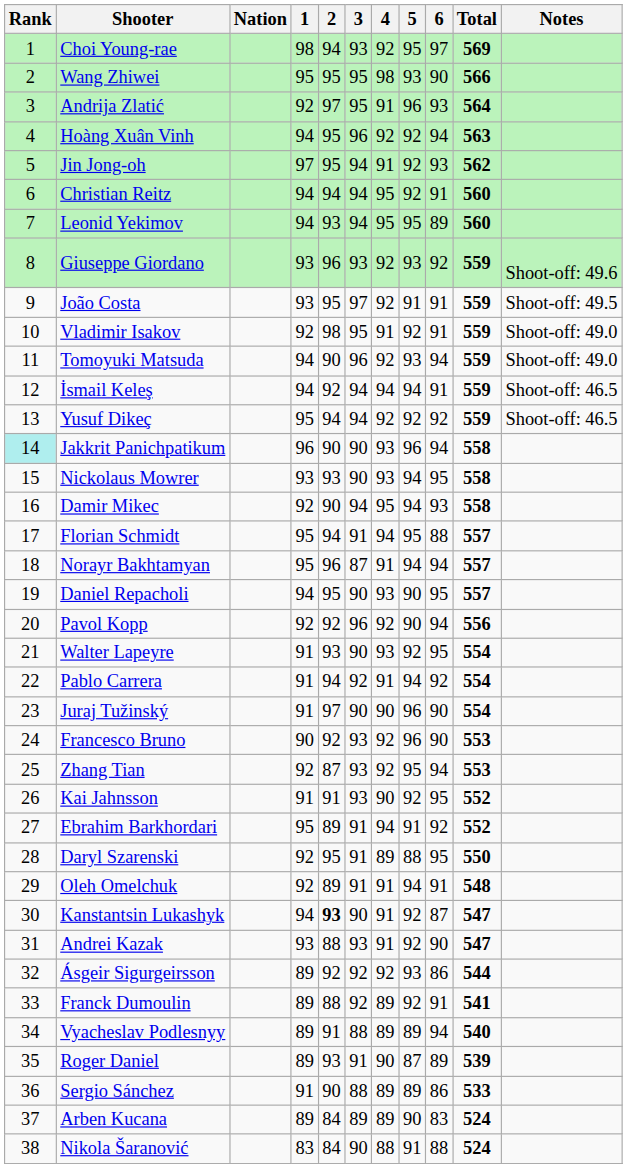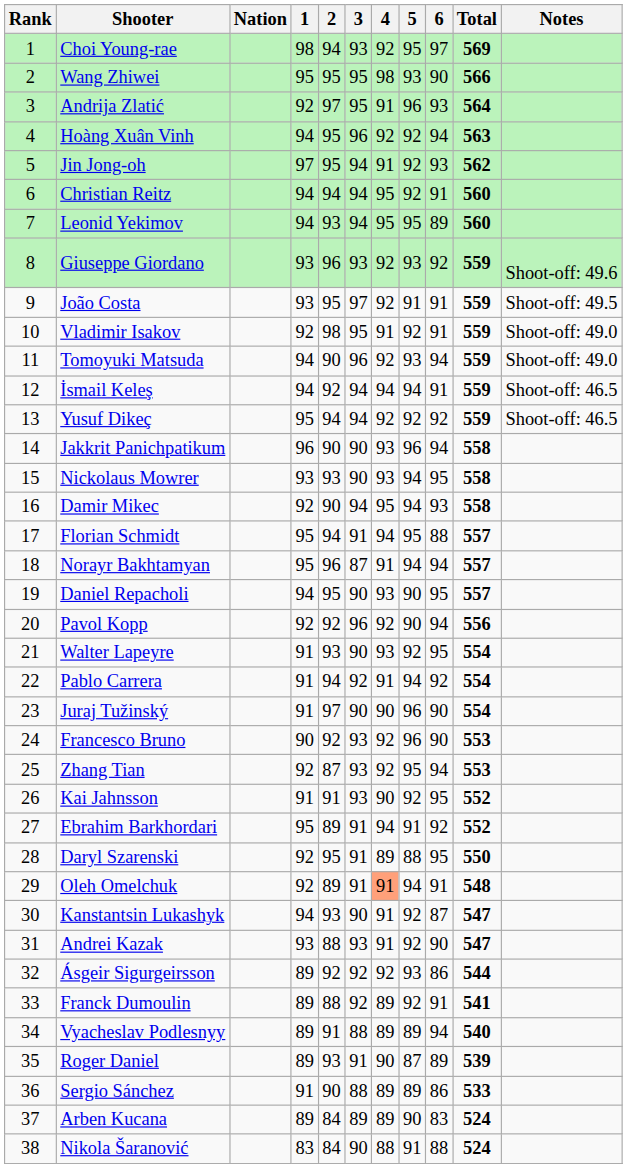 <table class="wikitable sortable" style="text-align:center">
 <tr>
 <th>Rank</th>
 <th>Shooter</th>
 <th>Nation</th>
 <th>1</th>
 <th>2</th>
 <th>3</th>
 <th>4</th>
 <th>5</th>
 <th>6</th>
 <th>Total</th>
 <th>Notes</th>
 </tr>
 <tr bgcolor=bbf3bb>
 <td>1</td>
 <td align=left><a href='#'>Choi Young-rae</a></td>
 <td align="left"></td>
 <td>98</td>
 <td>94</td>
 <td>93</td>
 <td>92</td>
 <td>95</td>
 <td>97</td>
 <td><strong>569</strong></td>
 <td></td>
 </tr>
 <tr bgcolor=bbf3bb>
 <td>2</td>
 <td align=left><a href='#'>Wang Zhiwei</a></td>
 <td align="left"></td>
 <td>95</td>
 <td>95</td>
 <td>95</td>
 <td>98</td>
 <td>93</td>
 <td>90</td>
 <td><strong>566</strong></td>
 <td></td>
 </tr>
 <tr bgcolor=bbf3bb>
 <td>3</td>
 <td align=left><a href='#'>Andrija Zlatić</a></td>
 <td align="left"></td>
 <td>92</td>
 <td>97</td>
 <td>95</td>
 <td>91</td>
 <td>96</td>
 <td>93</td>
 <td><strong>564</strong></td>
 <td></td>
 </tr>
 <tr bgcolor=bbf3bb>
 <td>4</td>
 <td align=left><a href='#'>Hoàng Xuân Vinh</a></td>
 <td align="left"></td>
 <td>94</td>
 <td>95</td>
 <td>96</td>
 <td>92</td>
 <td>92</td>
 <td>94</td>
 <td><strong>563</strong></td>
 <td></td>
 </tr>
 <tr bgcolor=bbf3bb>
 <td>5</td>
 <td align=left><a href='#'>Jin Jong-oh</a></td>
 <td align="left"></td>
 <td>97</td>
 <td>95</td>
 <td>94</td>
 <td>91</td>
 <td>92</td>
 <td>93</td>
 <td><strong>562</strong></td>
 <td></td>
 </tr>
 <tr bgcolor=bbf3bb>
 <td>6</td>
 <td align=left><a href='#'>Christian Reitz</a></td>
 <td align="left"></td>
 <td>94</td>
 <td>94</td>
 <td>94</td>
 <td>95</td>
 <td>92</td>
 <td>91</td>
 <td><strong>560</strong></td>
 <td></td>
 </tr>
 <tr bgcolor=bbf3bb>
 <td>7</td>
 <td align=left><a href='#'>Leonid Yekimov</a></td>
 <td align="left"></td>
 <td>94</td>
 <td>93</td>
 <td>94</td>
 <td>95</td>
 <td>95</td>
 <td>89</td>
 <td><strong>560</strong></td>
 <td></td>
 </tr>
 <tr bgcolor=bbf3bb>
 <td>8</td>
 <td align=left><a href='#'>Giuseppe Giordano</a></td>
 <td align="left"></td>
 <td>93</td>
 <td>96</td>
 <td>93</td>
 <td>92</td>
 <td>93</td>
 <td>92</td>
 <td><strong>559</strong></td>
 <td><br>Shoot-off: 49.6</td>
 </tr>
 <tr>
 <td>9</td>
 <td align=left><a href='#'>João Costa</a></td>
 <td align="left"></td>
 <td>93</td>
 <td>95</td>
 <td>97</td>
 <td>92</td>
 <td>91</td>
 <td>91</td>
 <td><strong>559</strong></td>
 <td>Shoot-off: 49.5</td>
 </tr>
 <tr>
 <td>10</td>
 <td align=left><a href='#'>Vladimir Isakov</a></td>
 <td align="left"></td>
 <td>92</td>
 <td>98</td>
 <td>95</td>
 <td>91</td>
 <td>92</td>
 <td>91</td>
 <td><strong>559</strong></td>
 <td>Shoot-off: 49.0</td>
 </tr>
 <tr>
 <td>11</td>
 <td align=left><a href='#'>Tomoyuki Matsuda</a></td>
 <td align="left"></td>
 <td>94</td>
 <td>90</td>
 <td>96</td>
 <td>92</td>
 <td>93</td>
 <td>94</td>
 <td><strong>559</strong></td>
 <td>Shoot-off: 49.0</td>
 </tr>
 <tr>
 <td>12</td>
 <td align=left><a href='#'>İsmail Keleş</a></td>
 <td align="left"></td>
 <td>94</td>
 <td>92</td>
 <td>94</td>
 <td>94</td>
 <td>94</td>
 <td>91</td>
 <td><strong>559</strong></td>
 <td>Shoot-off: 46.5</td>
 </tr>
 <tr>
 <td>13</td>
 <td align=left><a href='#'>Yusuf Dikeç</a></td>
 <td align="left"></td>
 <td>95</td>
 <td>94</td>
 <td>94</td>
 <td>92</td>
 <td>92</td>
 <td>92</td>
 <td><strong>559</strong></td>
 <td>Shoot-off: 46.5</td>
 </tr>
 <tr>
-<td style="background: paleturquoise;">14</td>
+<td>14</td>
 <td align=left><a href='#'>Jakkrit Panichpatikum</a></td>
 <td align="left"></td>
 <td>96</td>
 <td>90</td>
 <td>90</td>
 <td>93</td>
 <td>96</td>
 <td>94</td>
 <td><strong>558</strong></td>
 <td></td>
 </tr>
 <tr>
 <td>15</td>
 <td align=left><a href='#'>Nickolaus Mowrer</a></td>
 <td align="left"></td>
 <td>93</td>
 <td>93</td>
 <td>90</td>
 <td>93</td>
 <td>94</td>
 <td>95</td>
 <td><strong>558</strong></td>
 <td></td>
 </tr>
 <tr>
 <td>16</td>
 <td align=left><a href='#'>Damir Mikec</a></td>
 <td align="left"></td>
 <td>92</td>
 <td>90</td>
 <td>94</td>
 <td>95</td>
 <td>94</td>
 <td>93</td>
 <td><strong>558</strong></td>
 <td></td>
 </tr>
 <tr>
 <td>17</td>
 <td align=left><a href='#'>Florian Schmidt</a></td>
 <td align="left"></td>
 <td>95</td>
 <td>94</td>
 <td>91</td>
 <td>94</td>
 <td>95</td>
 <td>88</td>
 <td><strong>557</strong></td>
 <td></td>
 </tr>
 <tr>
 <td>18</td>
 <td align=left><a href='#'>Norayr Bakhtamyan</a></td>
 <td align="left"></td>
 <td>95</td>
 <td>96</td>
 <td>87</td>
 <td>91</td>
 <td>94</td>
 <td>94</td>
 <td><strong>557</strong></td>
 <td></td>
 </tr>
 <tr>
 <td>19</td>
 <td align=left><a href='#'>Daniel Repacholi</a></td>
 <td align="left"></td>
 <td>94</td>
 <td>95</td>
 <td>90</td>
 <td>93</td>
 <td>90</td>
 <td>95</td>
 <td><strong>557</strong></td>
 <td></td>
 </tr>
 <tr>
 <td>20</td>
 <td align=left><a href='#'>Pavol Kopp</a></td>
 <td align="left"></td>
 <td>92</td>
 <td>92</td>
 <td>96</td>
 <td>92</td>
 <td>90</td>
 <td>94</td>
 <td><strong>556</strong></td>
 <td></td>
 </tr>
 <tr>
 <td>21</td>
 <td align=left><a href='#'>Walter Lapeyre</a></td>
 <td align="left"></td>
 <td>91</td>
 <td>93</td>
 <td>90</td>
 <td>93</td>
 <td>92</td>
 <td>95</td>
 <td><strong>554</strong></td>
 <td></td>
 </tr>
 <tr>
 <td>22</td>
 <td align=left><a href='#'>Pablo Carrera</a></td>
 <td align="left"></td>
 <td>91</td>
 <td>94</td>
 <td>92</td>
 <td>91</td>
 <td>94</td>
 <td>92</td>
 <td><strong>554</strong></td>
 <td></td>
 </tr>
 <tr>
 <td>23</td>
 <td align=left><a href='#'>Juraj Tužinský</a></td>
 <td align="left"></td>
 <td>91</td>
 <td>97</td>
 <td>90</td>
 <td>90</td>
 <td>96</td>
 <td>90</td>
 <td><strong>554</strong></td>
 <td></td>
 </tr>
 <tr>
 <td>24</td>
 <td align=left><a href='#'>Francesco Bruno</a></td>
 <td align="left"></td>
 <td>90</td>
 <td>92</td>
 <td>93</td>
 <td>92</td>
 <td>96</td>
 <td>90</td>
 <td><strong>553</strong></td>
 <td></td>
 </tr>
 <tr>
 <td>25</td>
 <td align=left><a href='#'>Zhang Tian</a></td>
 <td align="left"></td>
 <td>92</td>
 <td>87</td>
 <td>93</td>
 <td>92</td>
 <td>95</td>
 <td>94</td>
 <td><strong>553</strong></td>
 <td></td>
 </tr>
 <tr>
 <td>26</td>
 <td align=left><a href='#'>Kai Jahnsson</a></td>
 <td align="left"></td>
 <td>91</td>
 <td>91</td>
 <td>93</td>
 <td>90</td>
 <td>92</td>
 <td>95</td>
 <td><strong>552</strong></td>
 <td></td>
 </tr>
 <tr>
 <td>27</td>
 <td align=left><a href='#'>Ebrahim Barkhordari</a></td>
 <td align="left"></td>
 <td>95</td>
 <td>89</td>
 <td>91</td>
 <td>94</td>
 <td>91</td>
 <td>92</td>
 <td><strong>552</strong></td>
 <td></td>
 </tr>
 <tr>
 <td>28</td>
 <td align=left><a href='#'>Daryl Szarenski</a></td>
 <td align="left"></td>
 <td>92</td>
 <td>95</td>
 <td>91</td>
 <td>89</td>
 <td>88</td>
 <td>95</td>
 <td><strong>550</strong></td>
 <td></td>
 </tr>
 <tr>
 <td>29</td>
 <td align=left><a href='#'>Oleh Omelchuk</a></td>
 <td align="left"></td>
 <td>92</td>
 <td>89</td>
 <td>91</td>
-<td>91</td>
+<td style="background: lightsalmon;">91</td>
 <td>94</td>
 <td>91</td>
 <td><strong>548</strong></td>
 <td></td>
 </tr>
 <tr>
 <td>30</td>
 <td align=left><a href='#'>Kanstantsin Lukashyk</a></td>
 <td align="left"></td>
 <td>94</td>
-<td><strong>93</strong></td>
+<td>93</td>
 <td>90</td>
 <td>91</td>
 <td>92</td>
 <td>87</td>
 <td><strong>547</strong></td>
 <td></td>
 </tr>
 <tr>
 <td>31</td>
 <td align=left><a href='#'>Andrei Kazak</a></td>
 <td align="left"></td>
 <td>93</td>
 <td>88</td>
 <td>93</td>
 <td>91</td>
 <td>92</td>
 <td>90</td>
 <td><strong>547</strong></td>
 <td></td>
 </tr>
 <tr>
 <td>32</td>
 <td align=left><a href='#'>Ásgeir Sigurgeirsson</a></td>
 <td align="left"></td>
 <td>89</td>
 <td>92</td>
 <td>92</td>
 <td>92</td>
 <td>93</td>
 <td>86</td>
 <td><strong>544</strong></td>
 <td></td>
 </tr>
 <tr>
 <td>33</td>
 <td align=left><a href='#'>Franck Dumoulin</a></td>
 <td align="left"></td>
 <td>89</td>
 <td>88</td>
 <td>92</td>
 <td>89</td>
 <td>92</td>
 <td>91</td>
 <td><strong>541</strong></td>
 <td></td>
 </tr>
 <tr>
 <td>34</td>
 <td align=left><a href='#'>Vyacheslav Podlesnyy</a></td>
 <td align="left"></td>
 <td>89</td>
 <td>91</td>
 <td>88</td>
 <td>89</td>
 <td>89</td>
 <td>94</td>
 <td><strong>540</strong></td>
 <td></td>
 </tr>
 <tr>
 <td>35</td>
 <td align=left><a href='#'>Roger Daniel</a></td>
 <td align="left"></td>
 <td>89</td>
 <td>93</td>
 <td>91</td>
 <td>90</td>
 <td>87</td>
 <td>89</td>
 <td><strong>539</strong></td>
 <td></td>
 </tr>
 <tr>
 <td>36</td>
 <td align=left><a href='#'>Sergio Sánchez</a></td>
 <td align="left"></td>
 <td>91</td>
 <td>90</td>
 <td>88</td>
 <td>89</td>
 <td>89</td>
 <td>86</td>
 <td><strong>533</strong></td>
 <td></td>
 </tr>
 <tr>
 <td>37</td>
 <td align=left><a href='#'>Arben Kucana</a></td>
 <td align="left"></td>
 <td>89</td>
 <td>84</td>
 <td>89</td>
 <td>89</td>
 <td>90</td>
 <td>83</td>
 <td><strong>524</strong></td>
 <td></td>
 </tr>
 <tr>
 <td>38</td>
 <td align=left><a href='#'>Nikola Šaranović</a></td>
 <td align="left"></td>
 <td>83</td>
 <td>84</td>
 <td>90</td>
 <td>88</td>
 <td>91</td>
 <td>88</td>
 <td><strong>524</strong></td>
 <td></td>
 </tr>
 <tr>
 </tr>
 </table>
